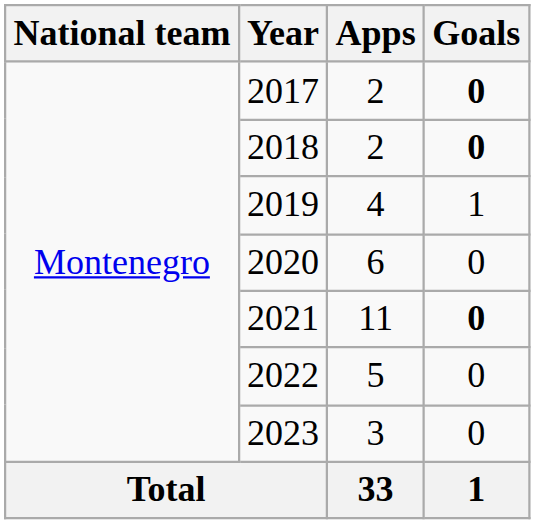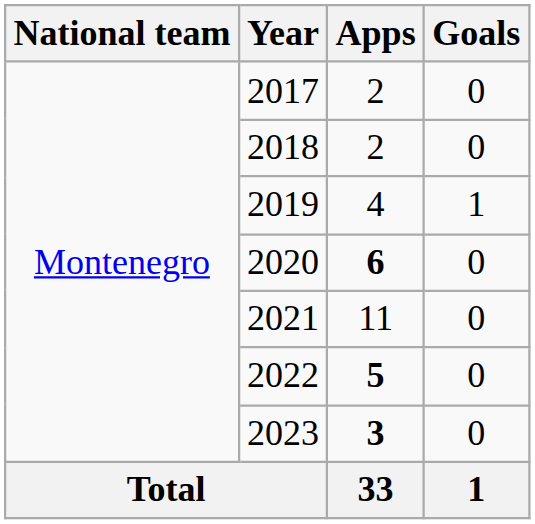 <table class=wikitable style=text-align:center>
 <tr>
 <th>National team</th>
 <th>Year</th>
 <th>Apps</th>
 <th>Goals</th>
 </tr>
 <tr>
 <td rowspan="7"><a href='#'>Montenegro</a></td>
 <td>2017</td>
 <td>2</td>
-<td><strong>0</strong></td>
+<td>0</td>
 </tr>
 <tr>
 <td>2018</td>
 <td>2</td>
-<td><strong>0</strong></td>
+<td>0</td>
 </tr>
 <tr>
 <td>2019</td>
 <td>4</td>
 <td>1</td>
 </tr>
 <tr>
 <td>2020</td>
-<td>6</td>
+<td><strong>6</strong></td>
 <td>0</td>
 </tr>
 <tr>
 <td>2021</td>
 <td>11</td>
-<td><strong>0</strong></td>
+<td>0</td>
 </tr>
 <tr>
 <td>2022</td>
-<td>5</td>
+<td><strong>5</strong></td>
 <td>0</td>
 </tr>
 <tr>
 <td>2023</td>
-<td>3</td>
+<td><strong>3</strong></td>
 <td>0</td>
 </tr>
 <tr>
 <th colspan="2">Total</th>
 <th>33</th>
 <th>1</th>
 </tr>
 </table>
